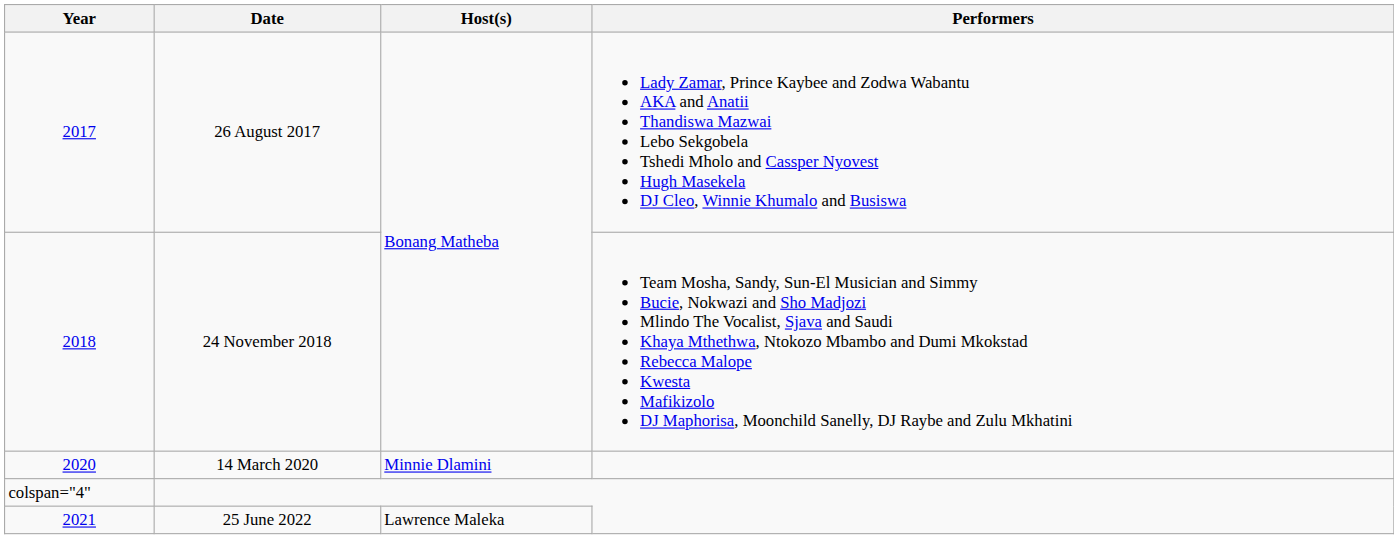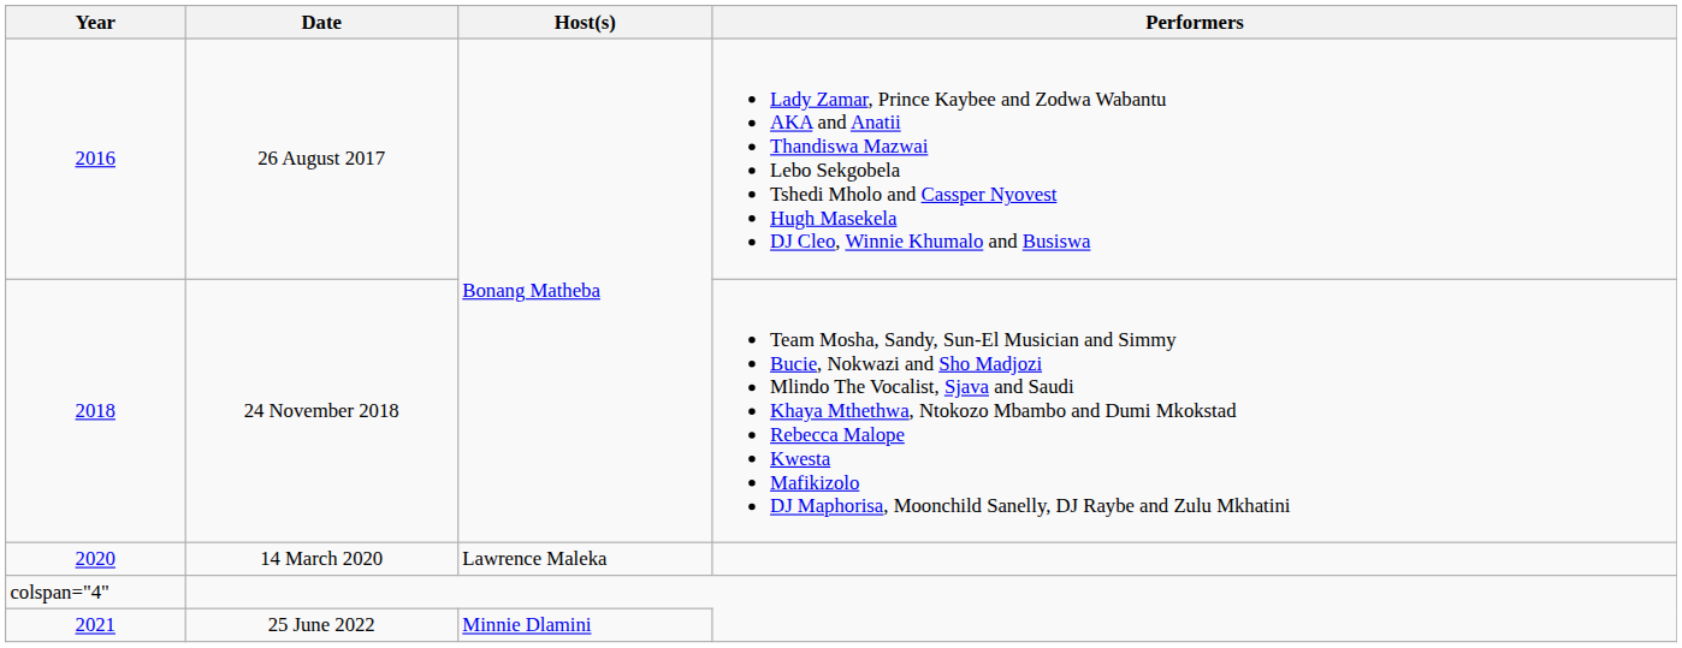 <table class="wikitable" style="font-size:95%; width:100%">
 <tr>
 <th>Year</th>
 <th>Date</th>
 <th>Host(s)</th>
 <th>Performers</th>
 </tr>
 <tr>
-<td style="text-align:center;"><a href='#'>2017</a></td>
+<td style="text-align:center;"><a href='#'>2016</a></td>
 <td style="text-align:center;">26 August 2017</td>
 <td rowspan="2"><a href='#'>Bonang Matheba</a></td>
 <td><br><ul><li><a href='#'>Lady Zamar</a>, Prince Kaybee and Zodwa Wabantu</li><li><a href='#'>AKA</a> and <a href='#'>Anatii</a></li><li><a href='#'>Thandiswa Mazwai</a></li><li>Lebo Sekgobela</li><li>Tshedi Mholo and <a href='#'>Cassper Nyovest</a></li><li><a href='#'>Hugh Masekela</a></li><li><a href='#'>DJ Cleo</a>, <a href='#'>Winnie Khumalo</a> and <a href='#'>Busiswa</a></li></ul></td>
 </tr>
 <tr>
 <td style="text-align:center;"><a href='#'>2018</a></td>
 <td style="text-align:center;">24 November 2018</td>
 <td><br><ul><li>Team Mosha, Sandy, Sun-El Musician and Simmy</li><li><a href='#'>Bucie</a>, Nokwazi and <a href='#'>Sho Madjozi</a></li><li>Mlindo The Vocalist, <a href='#'>Sjava</a> and Saudi</li><li><a href='#'>Khaya Mthethwa</a>, Ntokozo Mbambo and Dumi Mkokstad</li><li><a href='#'>Rebecca Malope</a></li><li><a href='#'>Kwesta</a></li><li><a href='#'>Mafikizolo</a></li><li><a href='#'>DJ Maphorisa</a>, Moonchild Sanelly, DJ Raybe and Zulu Mkhatini</li></ul></td>
 </tr>
 <tr>
 <td style="text-align:center;"><a href='#'>2020</a></td>
 <td style="text-align:center;">14 March 2020</td>
-<td><a href='#'>Minnie Dlamini</a></td>
+<td>Lawrence Maleka</td>
 <td></td>
 </tr>
 <tr>
 <td>colspan="4" </td>
 </tr>
 <tr>
 <td style="text-align:center;"><a href='#'>2021</a></td>
 <td style="text-align:center;">25 June 2022</td>
-<td>Lawrence Maleka</td>
+<td><a href='#'>Minnie Dlamini</a></td>
 </tr>
 </table>
